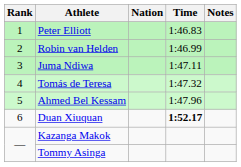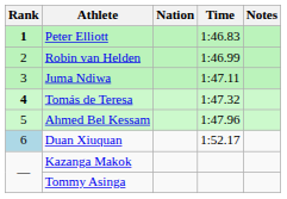 <table class="wikitable sortable" style="text-align:center">
 <tr>
 <th>Rank</th>
 <th>Athlete</th>
 <th>Nation</th>
 <th>Time</th>
 <th>Notes</th>
 </tr>
 <tr style="background:#bbf3bb;">
-<td>1</td>
+<td><strong>1</strong></td>
 <td align=left><a href='#'>Peter Elliott</a></td>
 <td align=left></td>
 <td>1:46.83</td>
 <td></td>
 </tr>
 <tr style="background:#bbf3bb;">
 <td>2</td>
 <td align=left><a href='#'>Robin van Helden</a></td>
 <td align=left></td>
 <td>1:46.99</td>
 <td></td>
 </tr>
 <tr style="background:#bbf3bb;">
 <td>3</td>
 <td align=left><a href='#'>Juma Ndiwa</a></td>
 <td align=left></td>
 <td>1:47.11</td>
 <td></td>
 </tr>
 <tr style="background:#ccf9cc;">
-<td>4</td>
+<td><strong>4</strong></td>
 <td align=left><a href='#'>Tomás de Teresa</a></td>
 <td align=left></td>
 <td>1:47.32</td>
 <td></td>
 </tr>
 <tr style="background:#ccf9cc;">
 <td>5</td>
 <td align=left><a href='#'>Ahmed Bel Kessam</a></td>
 <td align=left></td>
 <td>1:47.96</td>
 <td></td>
 </tr>
 <tr>
-<td>6</td>
+<td style="background: lightblue;">6</td>
 <td align=left><a href='#'>Duan Xiuquan</a></td>
 <td align=left></td>
-<td><strong>1:52.17</strong></td>
+<td>1:52.17</td>
 <td></td>
 </tr>
 <tr>
 <td rowspan=2 data-sort-value=7>—</td>
 <td align=left><a href='#'>Kazanga Makok</a></td>
 <td align=left></td>
 <td></td>
 <td></td>
 </tr>
 <tr>
 <td align=left><a href='#'>Tommy Asinga</a></td>
 <td align=left></td>
 <td></td>
 <td></td>
 </tr>
 </table>
